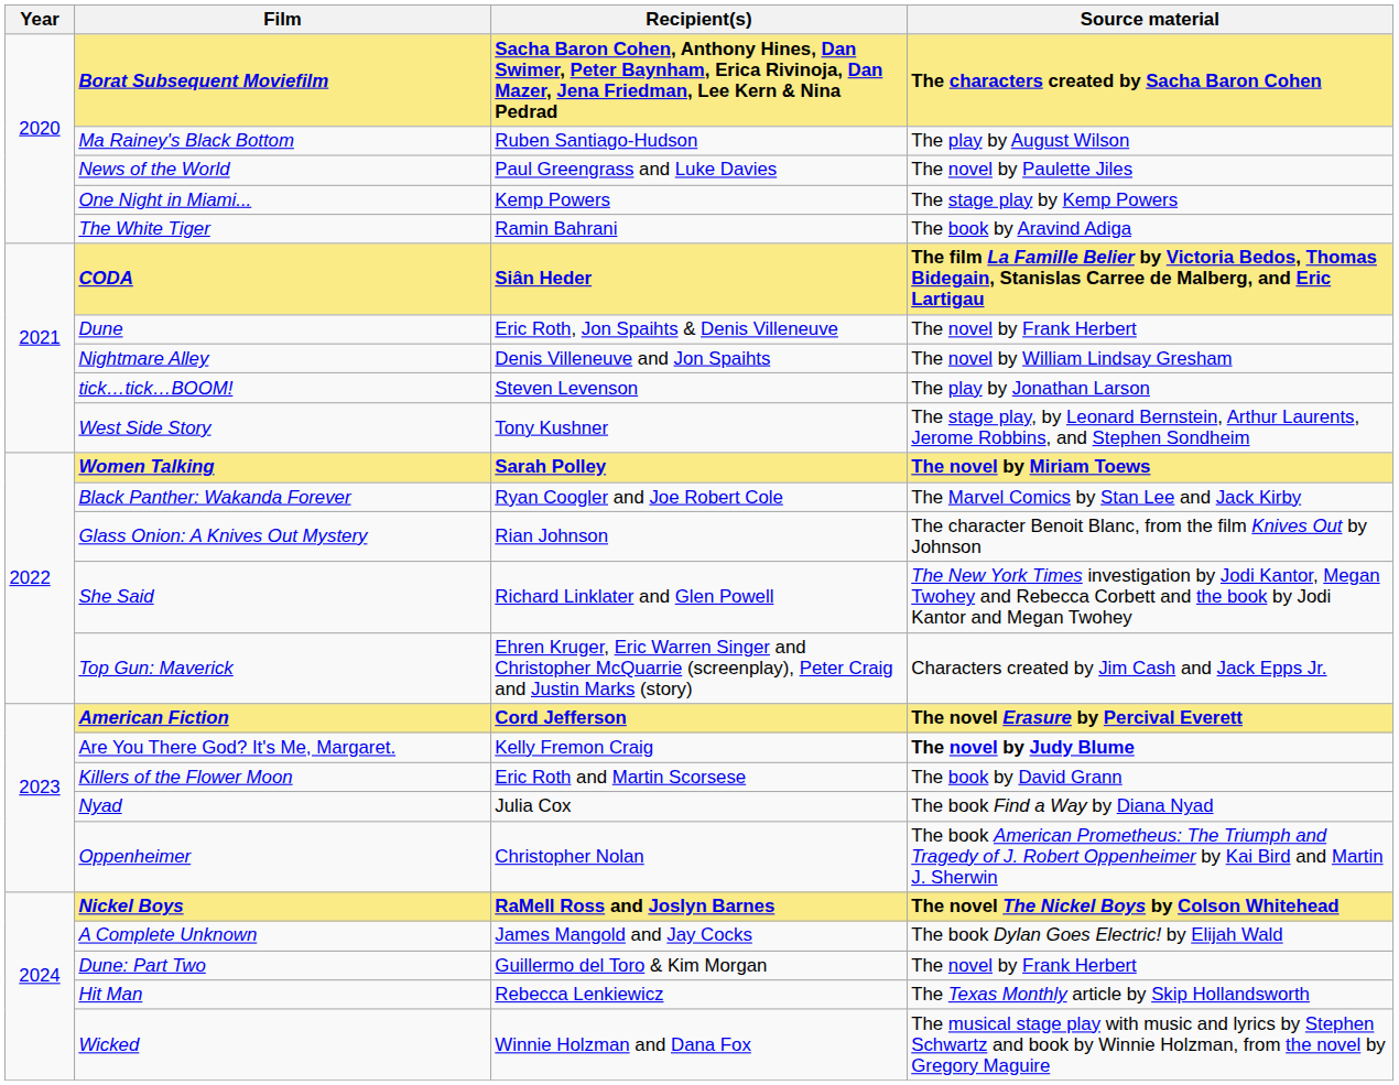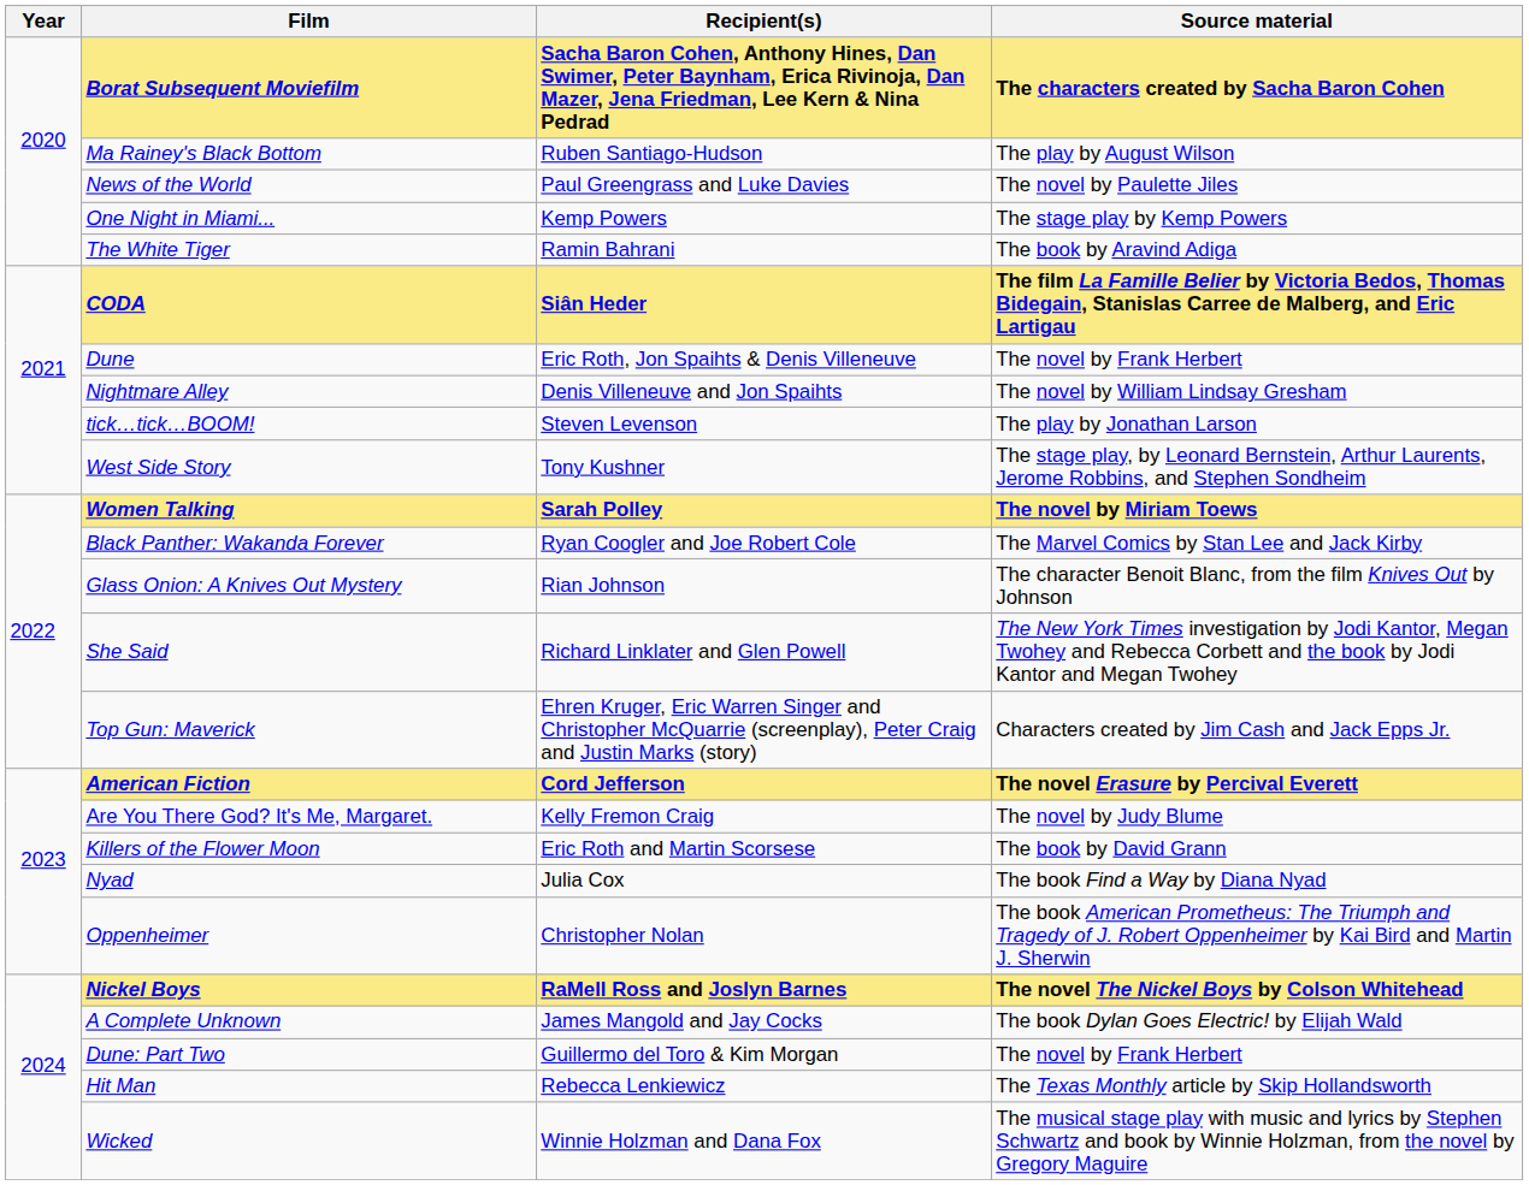 <table class="wikitable" width="95%" cellpadding="5">
 <tr>
 <th width="5%">Year</th>
 <th width="30%">Film</th>
 <th width="30%">Recipient(s)</th>
 <th width="35%">Source material</th>
 </tr>
 <tr>
 <td rowspan="5" style="text-align:center;"><a href='#'>2020</a><br><br></td>
 <td style="background:#FAEB86;"><strong><em><a href='#'>Borat Subsequent Moviefilm</a></em></strong></td>
 <td style="background:#FAEB86;"><strong><a href='#'>Sacha Baron Cohen</a>, Anthony Hines, <a href='#'>Dan Swimer</a>, <a href='#'>Peter Baynham</a>, Erica Rivinoja, <a href='#'>Dan Mazer</a>, <a href='#'>Jena Friedman</a>, Lee Kern & Nina Pedrad</strong></td>
 <td style="background:#FAEB86"><strong>The <a href='#'>characters</a> created by <a href='#'>Sacha Baron Cohen</a></strong></td>
 </tr>
 <tr>
 <td><em><a href='#'>Ma Rainey's Black Bottom</a></em></td>
 <td><a href='#'>Ruben Santiago-Hudson</a></td>
 <td>The <a href='#'>play</a> by <a href='#'>August Wilson</a></td>
 </tr>
 <tr>
 <td><em><a href='#'>News of the World</a></em></td>
 <td><a href='#'>Paul Greengrass</a> and <a href='#'>Luke Davies</a></td>
 <td>The <a href='#'>novel</a> by <a href='#'>Paulette Jiles</a></td>
 </tr>
 <tr>
 <td><em><a href='#'>One Night in Miami...</a></em></td>
 <td><a href='#'>Kemp Powers</a></td>
 <td>The <a href='#'>stage play</a> by <a href='#'>Kemp Powers</a></td>
 </tr>
 <tr>
 <td><em><a href='#'>The White Tiger</a></em></td>
 <td><a href='#'>Ramin Bahrani</a></td>
 <td>The <a href='#'>book</a> by <a href='#'>Aravind Adiga</a></td>
 </tr>
 <tr>
 <td rowspan="5" style="text-align:center;"><a href='#'>2021</a><br><br></td>
 <td style="background:#FAEB86;"><strong><em><a href='#'>CODA</a></em></strong></td>
 <td style="background:#FAEB86;"><strong><a href='#'>Siân Heder</a></strong></td>
 <td style="background:#FAEB86;"><strong>The film <em><a href='#'>La Famille Belier</a></em> by <a href='#'>Victoria Bedos</a>, <a href='#'>Thomas Bidegain</a>, Stanislas Carree de Malberg, and <a href='#'>Eric Lartigau</a></strong></td>
 </tr>
 <tr>
 <td><em><a href='#'>Dune</a></em></td>
 <td><a href='#'>Eric Roth</a>, <a href='#'>Jon Spaihts</a> & <a href='#'>Denis Villeneuve</a></td>
 <td>The <a href='#'>novel</a> by <a href='#'>Frank Herbert</a></td>
 </tr>
 <tr>
 <td><em><a href='#'>Nightmare Alley</a></em></td>
 <td><a href='#'>Denis Villeneuve</a> and <a href='#'>Jon Spaihts</a></td>
 <td>The <a href='#'>novel</a> by <a href='#'>William Lindsay Gresham</a></td>
 </tr>
 <tr>
 <td><em><a href='#'>tick…tick…BOOM!</a></em></td>
 <td><a href='#'>Steven Levenson</a></td>
 <td>The <a href='#'>play</a> by <a href='#'>Jonathan Larson</a></td>
 </tr>
 <tr>
 <td><em><a href='#'>West Side Story</a></em></td>
 <td><a href='#'>Tony Kushner</a></td>
 <td>The <a href='#'>stage play</a>, by <a href='#'>Leonard Bernstein</a>, <a href='#'>Arthur Laurents</a>, <a href='#'>Jerome Robbins</a>, and <a href='#'>Stephen Sondheim</a></td>
 </tr>
 <tr>
 <td rowspan="5"><a href='#'>2022</a><br></td>
 <td style="background:#FAEB86;"><strong><em><a href='#'>Women Talking</a></em></strong></td>
 <td style="background:#FAEB86;"><strong><a href='#'>Sarah Polley</a></strong></td>
 <td style="background:#FAEB86;"><strong><a href='#'>The novel</a> by <a href='#'>Miriam Toews</a></strong></td>
 </tr>
 <tr>
 <td><em><a href='#'>Black Panther: Wakanda Forever</a></em></td>
 <td><a href='#'>Ryan Coogler</a> and <a href='#'>Joe Robert Cole</a></td>
 <td>The <a href='#'>Marvel Comics</a> by <a href='#'>Stan Lee</a> and <a href='#'>Jack Kirby</a></td>
 </tr>
 <tr>
 <td><em><a href='#'>Glass Onion: A Knives Out Mystery</a></em></td>
 <td><a href='#'>Rian Johnson</a></td>
 <td>The character Benoit Blanc, from the film <em><a href='#'>Knives Out</a></em> by Johnson</td>
 </tr>
 <tr>
 <td><em><a href='#'>She Said</a></em></td>
 <td><a href='#'>Richard Linklater</a> and <a href='#'>Glen Powell</a></td>
 <td><em><a href='#'>The New York Times</a></em> investigation by <a href='#'>Jodi Kantor</a>, <a href='#'>Megan Twohey</a> and Rebecca Corbett and <a href='#'>the book</a> by Jodi Kantor and Megan Twohey</td>
 </tr>
 <tr>
 <td><em><a href='#'>Top Gun: Maverick</a></em></td>
 <td><a href='#'>Ehren Kruger</a>, <a href='#'>Eric Warren Singer</a> and <a href='#'>Christopher McQuarrie</a> (screenplay), <a href='#'>Peter Craig</a> and <a href='#'>Justin Marks</a> (story)</td>
 <td>Characters created by <a href='#'>Jim Cash</a> and <a href='#'>Jack Epps Jr.</a></td>
 </tr>
 <tr>
 <td rowspan="5" style="text-align:center;"><a href='#'>2023</a><br><br></td>
 <td style="background:#FAEB86;"><strong><em><a href='#'>American Fiction</a></em></strong></td>
 <td style="background:#FAEB86;"><strong><a href='#'>Cord Jefferson</a></strong></td>
 <td style="background:#FAEB86;"><strong>The novel <em><a href='#'>Erasure</a></em> by <a href='#'>Percival Everett</a></strong></td>
 </tr>
 <tr>
 <td><em><a href='#'></em>Are You There God? It's Me, Margaret.<em></a></em></td>
 <td><a href='#'>Kelly Fremon Craig</a></td>
-<td><strong>The <a href='#'>novel</a> by <a href='#'>Judy Blume</a></strong></td>
+<td>The <a href='#'>novel</a> by <a href='#'>Judy Blume</a></td>
 </tr>
 <tr>
 <td><em><a href='#'>Killers of the Flower Moon</a></em></td>
 <td><a href='#'>Eric Roth</a> and <a href='#'>Martin Scorsese</a></td>
 <td>The <a href='#'>book</a> by <a href='#'>David Grann</a></td>
 </tr>
 <tr>
 <td><em><a href='#'>Nyad</a></em></td>
 <td>Julia Cox</td>
 <td>The book <em>Find a Way</em> by <a href='#'>Diana Nyad</a></td>
 </tr>
 <tr>
 <td><em><a href='#'>Oppenheimer</a></em></td>
 <td><a href='#'>Christopher Nolan</a></td>
 <td>The book <em><a href='#'>American Prometheus: The Triumph and Tragedy of J. Robert Oppenheimer</a></em> by <a href='#'>Kai Bird</a> and <a href='#'>Martin J. Sherwin</a></td>
 </tr>
 <tr>
 <td rowspan="5" style="text-align:center;"><a href='#'>2024</a><br><br></td>
 <td style="background:#FAEB86;"><strong><em><a href='#'>Nickel Boys</a></em></strong></td>
 <td style="background:#FAEB86;"><strong><a href='#'>RaMell Ross</a> and <a href='#'>Joslyn Barnes</a></strong></td>
 <td style="background:#FAEB86;"><strong>The novel <em><a href='#'>The Nickel Boys</a></em> by <a href='#'>Colson Whitehead</a></strong></td>
 </tr>
 <tr>
 <td><em><a href='#'>A Complete Unknown</a></em></td>
 <td><a href='#'>James Mangold</a> and <a href='#'>Jay Cocks</a></td>
 <td>The book <em>Dylan Goes Electric!</em> by <a href='#'>Elijah Wald</a></td>
 </tr>
 <tr>
 <td><em><a href='#'>Dune: Part Two</a></em></td>
 <td><a href='#'>Guillermo del Toro</a> & Kim Morgan</td>
 <td>The <a href='#'>novel</a> by <a href='#'>Frank Herbert</a></td>
 </tr>
 <tr>
 <td><em><a href='#'>Hit Man</a></em></td>
 <td><a href='#'>Rebecca Lenkiewicz</a></td>
 <td>The <em><a href='#'>Texas Monthly</a></em> article by <a href='#'>Skip Hollandsworth</a></td>
 </tr>
 <tr>
 <td><em><a href='#'>Wicked</a></em></td>
 <td><a href='#'>Winnie Holzman</a> and <a href='#'>Dana Fox</a></td>
 <td>The <a href='#'>musical stage play</a> with music and lyrics by <a href='#'>Stephen Schwartz</a> and book by Winnie Holzman, from <a href='#'>the novel</a> by <a href='#'>Gregory Maguire</a></td>
 </tr>
 <tr>
 </tr>
 </table>
